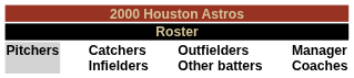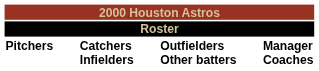 <table class="toccolours" style="font-size: 95%;">
 <tr>
 <th colspan="10" style="background:#983222; color:#d2c295; text-align:center;">2000 Houston Astros</th>
 </tr>
 <tr>
 <td colspan="10" style="background:#000; color:#d2c295; text-align:center;"><strong>Roster</strong></td>
 </tr>
 <tr>
-<td valign="top" style="background: lightgrey;"><strong>Pitchers</strong><br>                    </td>
+<td valign="top"><strong>Pitchers</strong><br>                    </td>
 <td width="25px"></td>
 <td valign="top"><strong>Catchers</strong><br>     <strong>Infielders</strong>           </td>
 <td width="25px"></td>
 <td valign="top"><strong>Outfielders</strong><br>       <strong>Other batters</strong> </td>
 <td width="25px"></td>
 <td valign="top"><strong>Manager</strong><br> <strong>Coaches</strong>      </td>
 </tr>
 </table>
